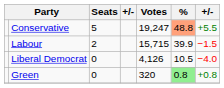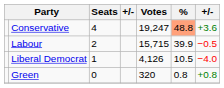 <table class="wikitable">
 <tr>
 <th colspan="2">Party</th>
 <th>Seats</th>
 <th>+/-</th>
 <th>Votes</th>
 <th>%</th>
 <th>+/-</th>
 </tr>
 <tr>
 <td style="background-color: "></td>
 <td><a href='#'>Conservative</a></td>
-<td>5</td>
+<td>4</td>
 <td></td>
 <td>19,247</td>
 <td style="background: lightsalmon;">48.8</td>
-<td style="color:green">+5.5</td>
+<td style="color:green">+3.6</td>
 </tr>
 <tr>
 <td style="background-color: "></td>
 <td><a href='#'>Labour</a></td>
 <td>2</td>
 <td></td>
 <td>15,715</td>
 <td>39.9</td>
-<td style="color:red">−1.5</td>
+<td style="color:red">−0.5</td>
 </tr>
 <tr>
 <td style="background-color: "></td>
 <td><a href='#'>Liberal Democrat</a></td>
-<td>0</td>
+<td>1</td>
 <td></td>
 <td>4,126</td>
 <td>10.5</td>
 <td style="color:red">−4.0</td>
 </tr>
 <tr>
 <td style="background-color: "></td>
 <td><a href='#'>Green</a></td>
 <td>0</td>
 <td></td>
 <td>320</td>
-<td style="background: lightgreen;">0.8</td>
+<td>0.8</td>
 <td style="color:green">+0.8</td>
 </tr>
 <tr>
 </tr>
 </table>
